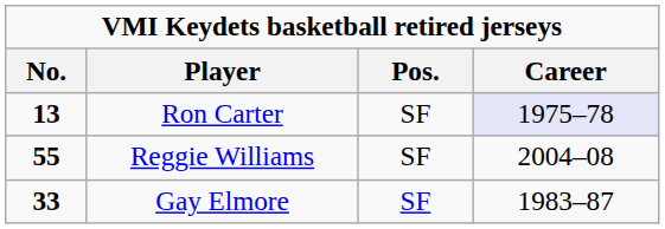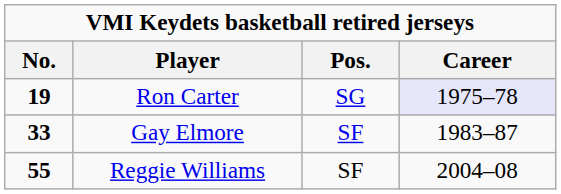 <table class="wikitable sortable" style="text-align:center">
 <tr>
 <td colspan="4"><strong>VMI Keydets basketball retired jerseys</strong></td>
 </tr>
 <tr>
 <th width=40px>No.</th>
 <th width=150px>Player</th>
 <th width=60px>Pos.</th>
 <th width=100px>Career</th>
 </tr>
 <tr>
-<td><strong>13</strong></td>
+<td><strong>19</strong></td>
 <td><a href='#'>Ron Carter</a></td>
-<td>SF</td>
+<td><a href='#'>SG</a></td>
 <td style="background: lavender;">1975–78</td>
+</tr>
+<tr>
+<td><strong>33</strong></td>
+<td><a href='#'>Gay Elmore</a></td>
+<td><a href='#'>SF</a></td>
+<td>1983–87</td>
 </tr>
 <tr>
 <td><strong>55</strong></td>
 <td><a href='#'>Reggie Williams</a></td>
 <td>SF</td>
 <td>2004–08</td>
 </tr>
-<tr>
-<td><strong>33</strong></td>
-<td><a href='#'>Gay Elmore</a></td>
-<td><a href='#'>SF</a></td>
-<td>1983–87</td>
-</tr>
 </table>
